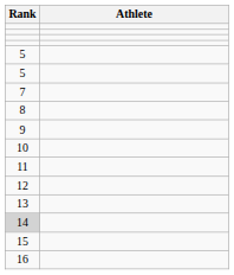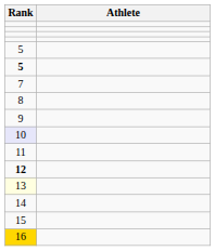 <table class="wikitable" style="text-align: center;">
 <tr>
 <th width=40>Rank</th>
 <th width=250>Athlete</th>
 </tr>
 <tr>
 <td></td>
 <td align=left></td>
 </tr>
 <tr>
 <td></td>
 <td align=left></td>
 </tr>
 <tr>
 <td></td>
 <td align=left></td>
 </tr>
 <tr>
 <td></td>
 <td align=left></td>
 </tr>
 <tr>
 <td>5</td>
 <td align=left></td>
 </tr>
 <tr>
-<td>5</td>
+<td><strong>5</strong></td>
 <td align=left></td>
 </tr>
 <tr>
 <td>7</td>
 <td align=left></td>
 </tr>
 <tr>
 <td>8</td>
 <td align=left></td>
 </tr>
 <tr>
 <td>9</td>
 <td align=left></td>
 </tr>
 <tr>
-<td>10</td>
+<td style="background: lavender;">10</td>
 <td align=left></td>
 </tr>
 <tr>
 <td>11</td>
 <td align=left></td>
 </tr>
 <tr>
-<td>12</td>
+<td><strong>12</strong></td>
 <td align=left></td>
 </tr>
 <tr>
-<td>13</td>
+<td style="background: lightyellow;">13</td>
 <td align=left></td>
 </tr>
 <tr>
-<td style="background: lightgrey;">14</td>
+<td>14</td>
 <td align=left></td>
 </tr>
 <tr>
 <td>15</td>
 <td align=left></td>
 </tr>
 <tr>
-<td>16</td>
+<td style="background: gold;">16</td>
 <td align=left></td>
 </tr>
 </table>
